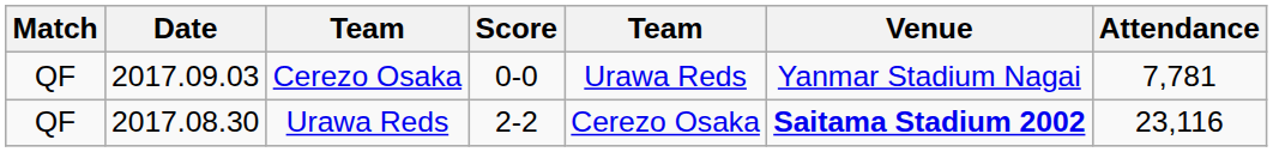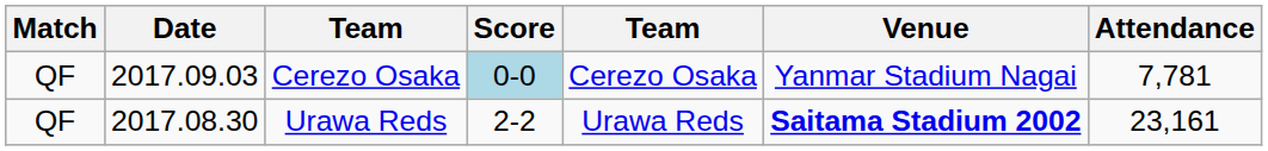 <table class="wikitable" style="text-align:center;">
 <tr>
 <th>Match</th>
 <th>Date</th>
 <th>Team</th>
 <th>Score</th>
 <th>Team</th>
 <th>Venue</th>
 <th>Attendance</th>
 </tr>
 <tr>
 <td>QF</td>
 <td>2017.09.03</td>
 <td><a href='#'>Cerezo Osaka</a></td>
-<td>0-0</td>
-<td><a href='#'>Urawa Reds</a></td>
+<td style="background: lightblue;">0-0</td>
+<td><a href='#'>Cerezo Osaka</a></td>
 <td><a href='#'>Yanmar Stadium Nagai</a></td>
 <td>7,781</td>
 </tr>
 <tr>
 <td>QF</td>
 <td>2017.08.30</td>
 <td><a href='#'>Urawa Reds</a></td>
 <td>2-2</td>
-<td><a href='#'>Cerezo Osaka</a></td>
+<td><a href='#'>Urawa Reds</a></td>
 <td><strong><a href='#'>Saitama Stadium 2002</a></strong></td>
-<td>23,116</td>
+<td>23,161</td>
 </tr>
 </table>
